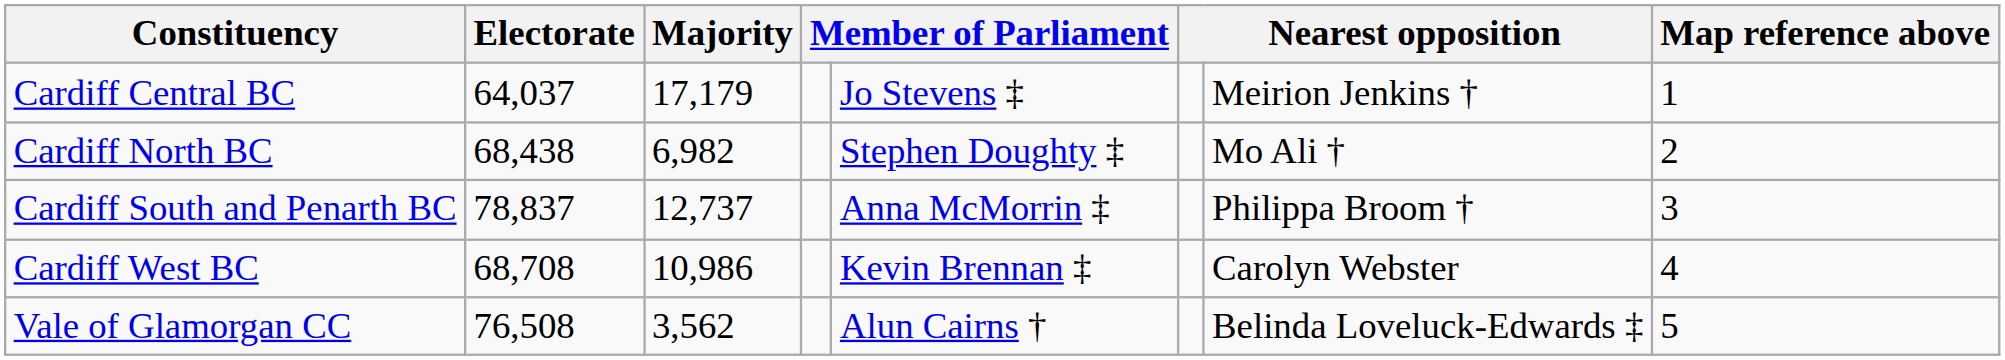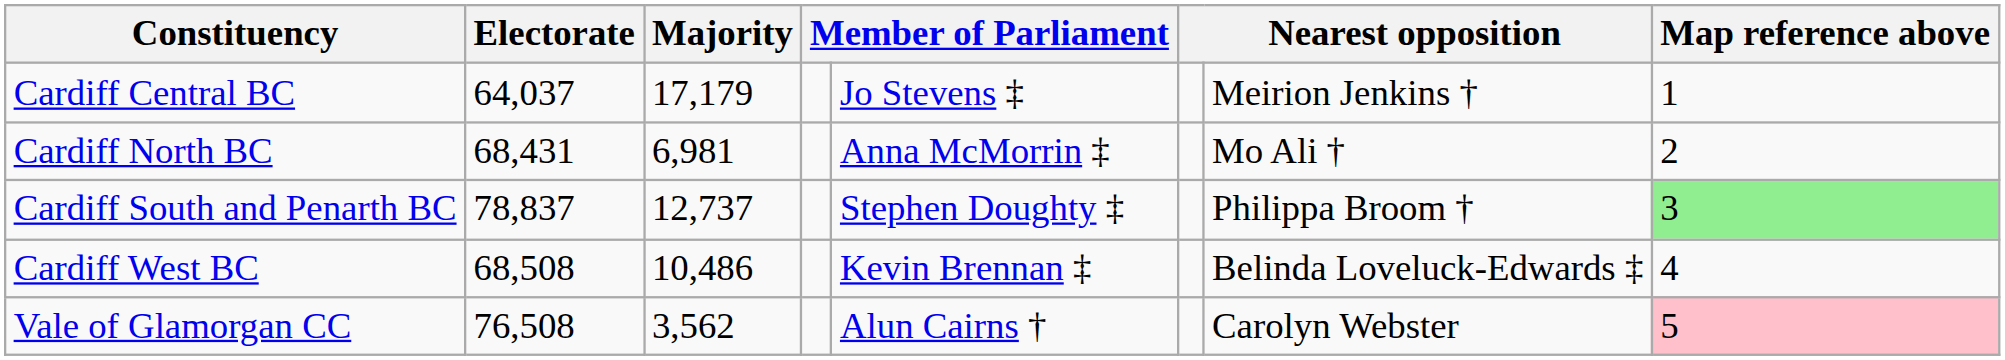 <table class="wikitable sortable">
 <tr>
 <th rowspan=1>Constituency</th>
 <th rowspan=1>Electorate</th>
 <th rowspan=1>Majority</th>
 <th colspan=2 class=unsortable><a href='#'>Member of Parliament</a></th>
 <th colspan=2 class=unsortable>Nearest opposition<br></th>
 <th rowspan=1 class=unsortable>Map reference above</th>
 </tr>
 <tr>
 <td><a href='#'>Cardiff Central BC</a></td>
 <td>64,037</td>
 <td>17,179</td>
 <td style="color:inherit;background:"> </td>
 <td><a href='#'>Jo Stevens</a> ‡</td>
 <td style="color:inherit;background:"> </td>
 <td>Meirion Jenkins †</td>
 <td>1</td>
 </tr>
 <tr>
 <td><a href='#'>Cardiff North BC</a></td>
-<td>68,438</td>
-<td>6,982</td>
+<td>68,431</td>
+<td>6,981</td>
 <td style="color:inherit;background:"> </td>
-<td><a href='#'>Stephen Doughty</a> ‡</td>
+<td><a href='#'>Anna McMorrin</a> ‡</td>
 <td style="color:inherit;background:"> </td>
 <td>Mo Ali †</td>
 <td>2</td>
 </tr>
 <tr>
 <td><a href='#'>Cardiff South and Penarth BC</a></td>
 <td>78,837</td>
 <td>12,737</td>
 <td style="color:inherit;background:"> </td>
-<td><a href='#'>Anna McMorrin</a> ‡</td>
+<td><a href='#'>Stephen Doughty</a> ‡</td>
 <td style="color:inherit;background:"> </td>
 <td>Philippa Broom †</td>
-<td>3</td>
+<td style="background: lightgreen;">3</td>
 </tr>
 <tr>
 <td><a href='#'>Cardiff West BC</a></td>
-<td>68,708</td>
-<td>10,986</td>
+<td>68,508</td>
+<td>10,486</td>
 <td style="color:inherit;background:"> </td>
 <td><a href='#'>Kevin Brennan</a> ‡</td>
 <td style="color:inherit;background:"> </td>
-<td>Carolyn Webster</td>
+<td>Belinda Loveluck-Edwards ‡</td>
 <td>4</td>
 </tr>
 <tr>
 <td><a href='#'>Vale of Glamorgan CC</a></td>
 <td>76,508</td>
 <td>3,562</td>
 <td style="color:inherit;background:"> </td>
 <td><a href='#'>Alun Cairns</a> †</td>
 <td style="color:inherit;background:"> </td>
-<td>Belinda Loveluck-Edwards ‡</td>
-<td>5</td>
+<td>Carolyn Webster</td>
+<td style="background: pink;">5</td>
 </tr>
 </table>
